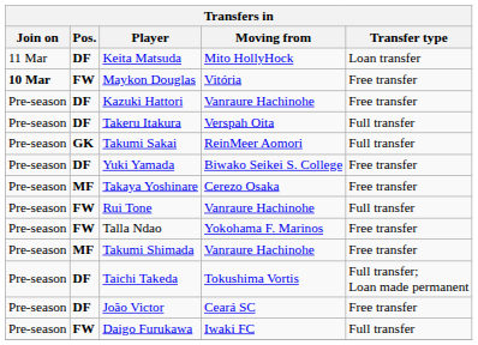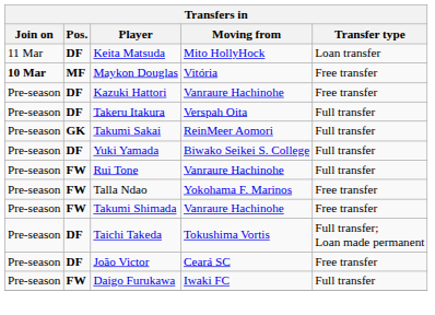 <table class="wikitable sortable" style=“text-align:left;>
 <tr>
 <th colspan="5">Transfers in</th>
 </tr>
 <tr>
 <th>Join on</th>
 <th>Pos.</th>
 <th>Player</th>
 <th>Moving from</th>
 <th>Transfer type</th>
 </tr>
 <tr>
 <td>11 Mar</td>
 <td><strong>DF</strong></td>
 <td> <a href='#'>Keita Matsuda</a></td>
 <td> <a href='#'>Mito HollyHock</a></td>
 <td>Loan transfer</td>
 </tr>
 <tr>
 <td><strong>10 Mar</strong></td>
-<td><strong>FW</strong></td>
+<td><strong>MF</strong></td>
 <td> <a href='#'>Maykon Douglas</a></td>
 <td> <a href='#'>Vitória</a></td>
 <td>Free transfer</td>
 </tr>
 <tr>
 <td>Pre-season</td>
 <td><strong>DF</strong></td>
 <td> <a href='#'>Kazuki Hattori</a></td>
 <td> <a href='#'>Vanraure Hachinohe</a></td>
 <td>Free transfer</td>
 </tr>
 <tr>
 <td>Pre-season</td>
 <td><strong>DF</strong></td>
 <td> <a href='#'>Takeru Itakura</a></td>
 <td> <a href='#'>Verspah Oita</a></td>
 <td>Full transfer</td>
 </tr>
 <tr>
 <td>Pre-season</td>
 <td><strong>GK</strong></td>
 <td> <a href='#'>Takumi Sakai</a></td>
 <td> <a href='#'>ReinMeer Aomori</a></td>
 <td>Full transfer</td>
 </tr>
 <tr>
 <td>Pre-season</td>
 <td><strong>DF</strong></td>
 <td> <a href='#'>Yuki Yamada</a></td>
 <td> <a href='#'>Biwako Seikei S. College</a></td>
-<td>Free transfer</td>
-</tr>
-<tr>
-<td>Pre-season</td>
-<td><strong>MF</strong></td>
-<td> <a href='#'>Takaya Yoshinare</a></td>
-<td> <a href='#'>Cerezo Osaka</a></td>
-<td>Free transfer</td>
+<td>Full transfer</td>
 </tr>
 <tr>
 <td>Pre-season</td>
 <td><strong>FW</strong></td>
 <td> <a href='#'>Rui Tone</a></td>
 <td> <a href='#'>Vanraure Hachinohe</a></td>
 <td>Full transfer</td>
 </tr>
 <tr>
 <td>Pre-season</td>
 <td><strong>FW</strong></td>
 <td> Talla Ndao</td>
 <td> <a href='#'>Yokohama F. Marinos</a></td>
 <td>Free transfer</td>
 </tr>
 <tr>
 <td>Pre-season</td>
-<td><strong>MF</strong></td>
+<td><strong>FW</strong></td>
 <td> <a href='#'>Takumi Shimada</a></td>
 <td> <a href='#'>Vanraure Hachinohe</a></td>
 <td>Free transfer</td>
 </tr>
 <tr>
 <td>Pre-season</td>
 <td><strong>DF</strong></td>
 <td> <a href='#'>Taichi Takeda</a></td>
 <td> <a href='#'>Tokushima Vortis</a></td>
 <td>Full transfer;<br> Loan made permanent</td>
 </tr>
 <tr>
 <td>Pre-season</td>
 <td><strong>DF</strong></td>
 <td> <a href='#'>João Victor</a></td>
 <td> <a href='#'>Ceará SC</a></td>
 <td>Free transfer</td>
 </tr>
 <tr>
 <td>Pre-season</td>
 <td><strong>FW</strong></td>
 <td> <a href='#'>Daigo Furukawa</a></td>
 <td> <a href='#'>Iwaki FC</a></td>
 <td>Full transfer</td>
 </tr>
 <tr>
 </tr>
 </table>
